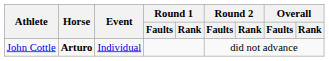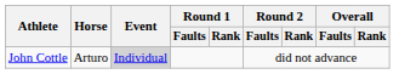 <table class=wikitable style="font-size:90%">
 <tr>
 <th rowspan="2">Athlete</th>
 <th rowspan="2">Horse</th>
 <th rowspan="2">Event</th>
 <th colspan="2">Round 1</th>
 <th colspan="2">Round 2</th>
 <th colspan="2">Overall</th>
 </tr>
 <tr style="font-size:95%">
 <th>Faults</th>
 <th>Rank</th>
 <th>Faults</th>
 <th>Rank</th>
 <th>Faults</th>
 <th>Rank</th>
 </tr>
 <tr align=center>
 <td align=left><a href='#'>John Cottle</a></td>
-<td align=left><strong>Arturo</strong></td>
-<td align=left><a href='#'>Individual</a></td>
+<td align=left>Arturo</td>
+<td align=left style="background: lightgrey;"><a href='#'>Individual</a></td>
 <td colspan=2></td>
 <td colspan=4>did not advance</td>
 </tr>
 </table>
